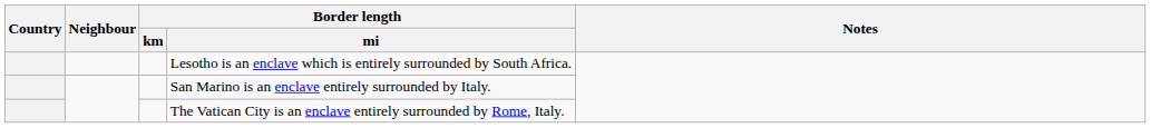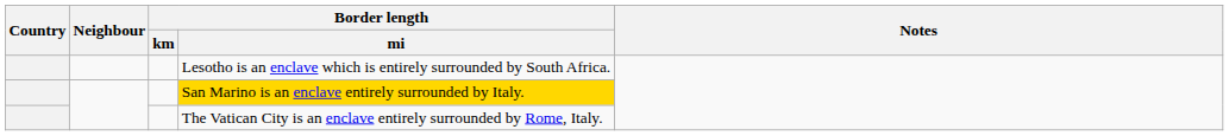 <table class="wikitable sortable plainrowheaders">
 <tr>
 <th scope="col" rowspan=2>Country</th>
 <th scope="col" rowspan=2>Neighbour</th>
 <th scope="col" colspan=2>Border length</th>
 <th scope="col" rowspan=2 class="unsortable" style="width: 50%">Notes</th>
 </tr>
 <tr>
 <th scope="col">km</th>
 <th scope="col">mi</th>
 </tr>
 <tr>
 <th scope="row"></th>
 <td></td>
 <td></td>
 <td>Lesotho is an <a href='#'>enclave</a> which is entirely surrounded by South Africa.</td>
 </tr>
 <tr>
 <th scope="row"></th>
 <td rowspan="2"></td>
 <td></td>
-<td>San Marino is an <a href='#'>enclave</a> entirely surrounded by Italy.</td>
+<td style="background: gold;">San Marino is an <a href='#'>enclave</a> entirely surrounded by Italy.</td>
 </tr>
 <tr>
 <th scope="row"></th>
 <td></td>
 <td>The Vatican City is an <a href='#'>enclave</a> entirely surrounded by <a href='#'>Rome</a>, Italy.</td>
 </tr>
 </table>
